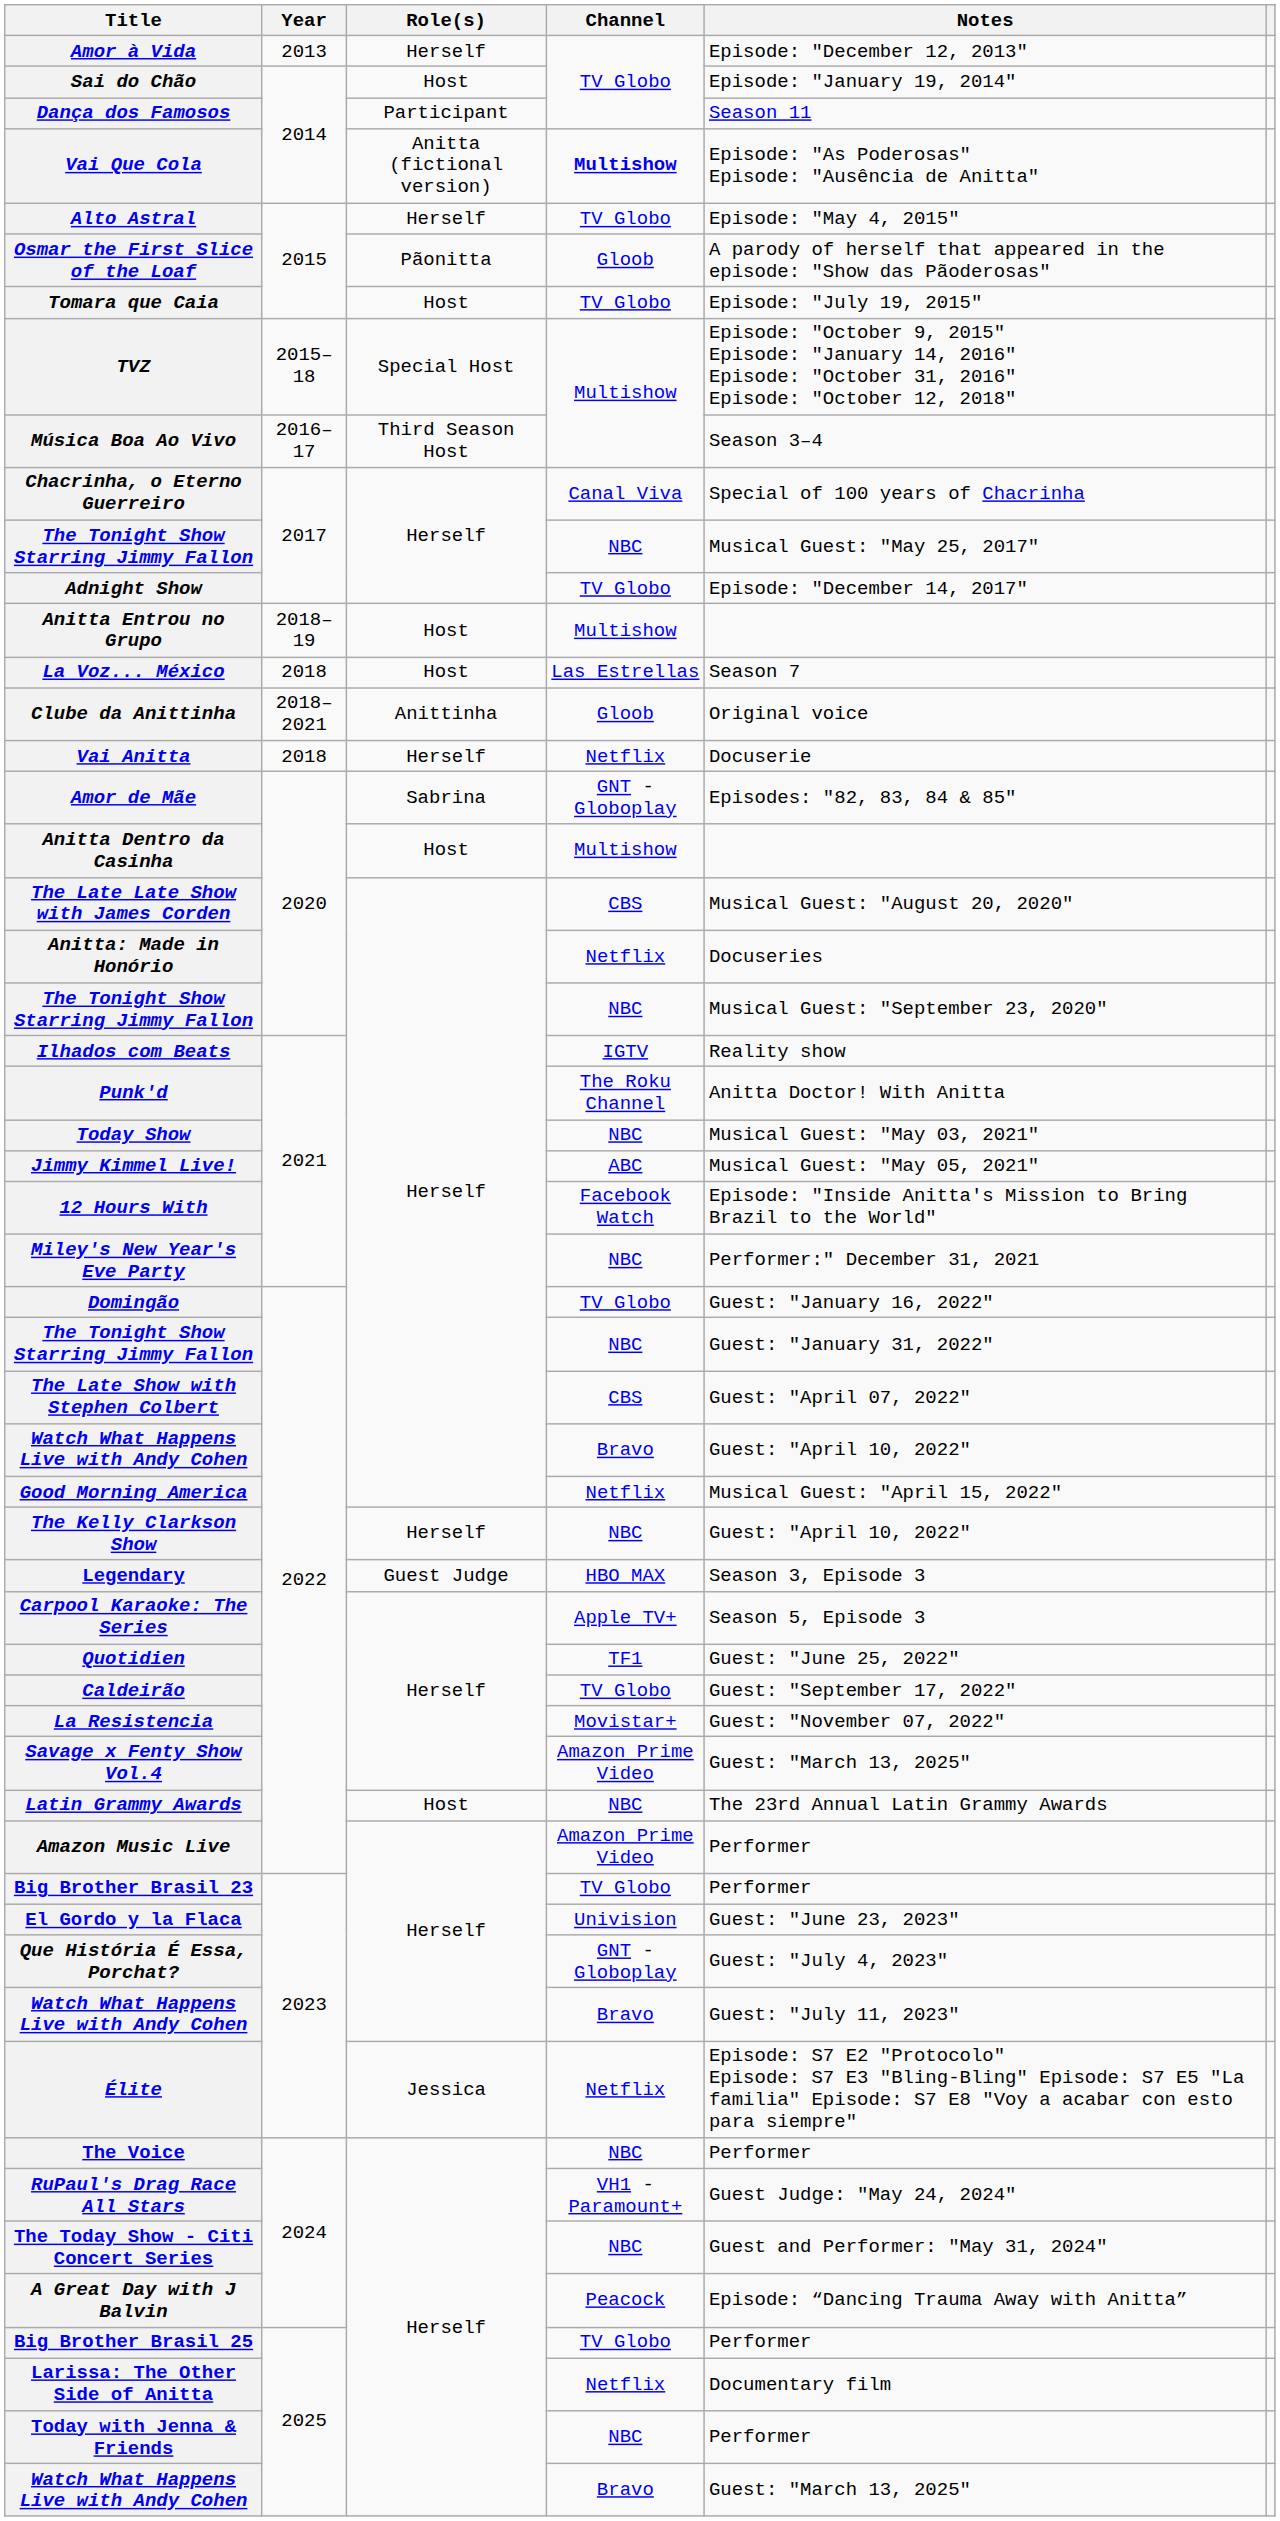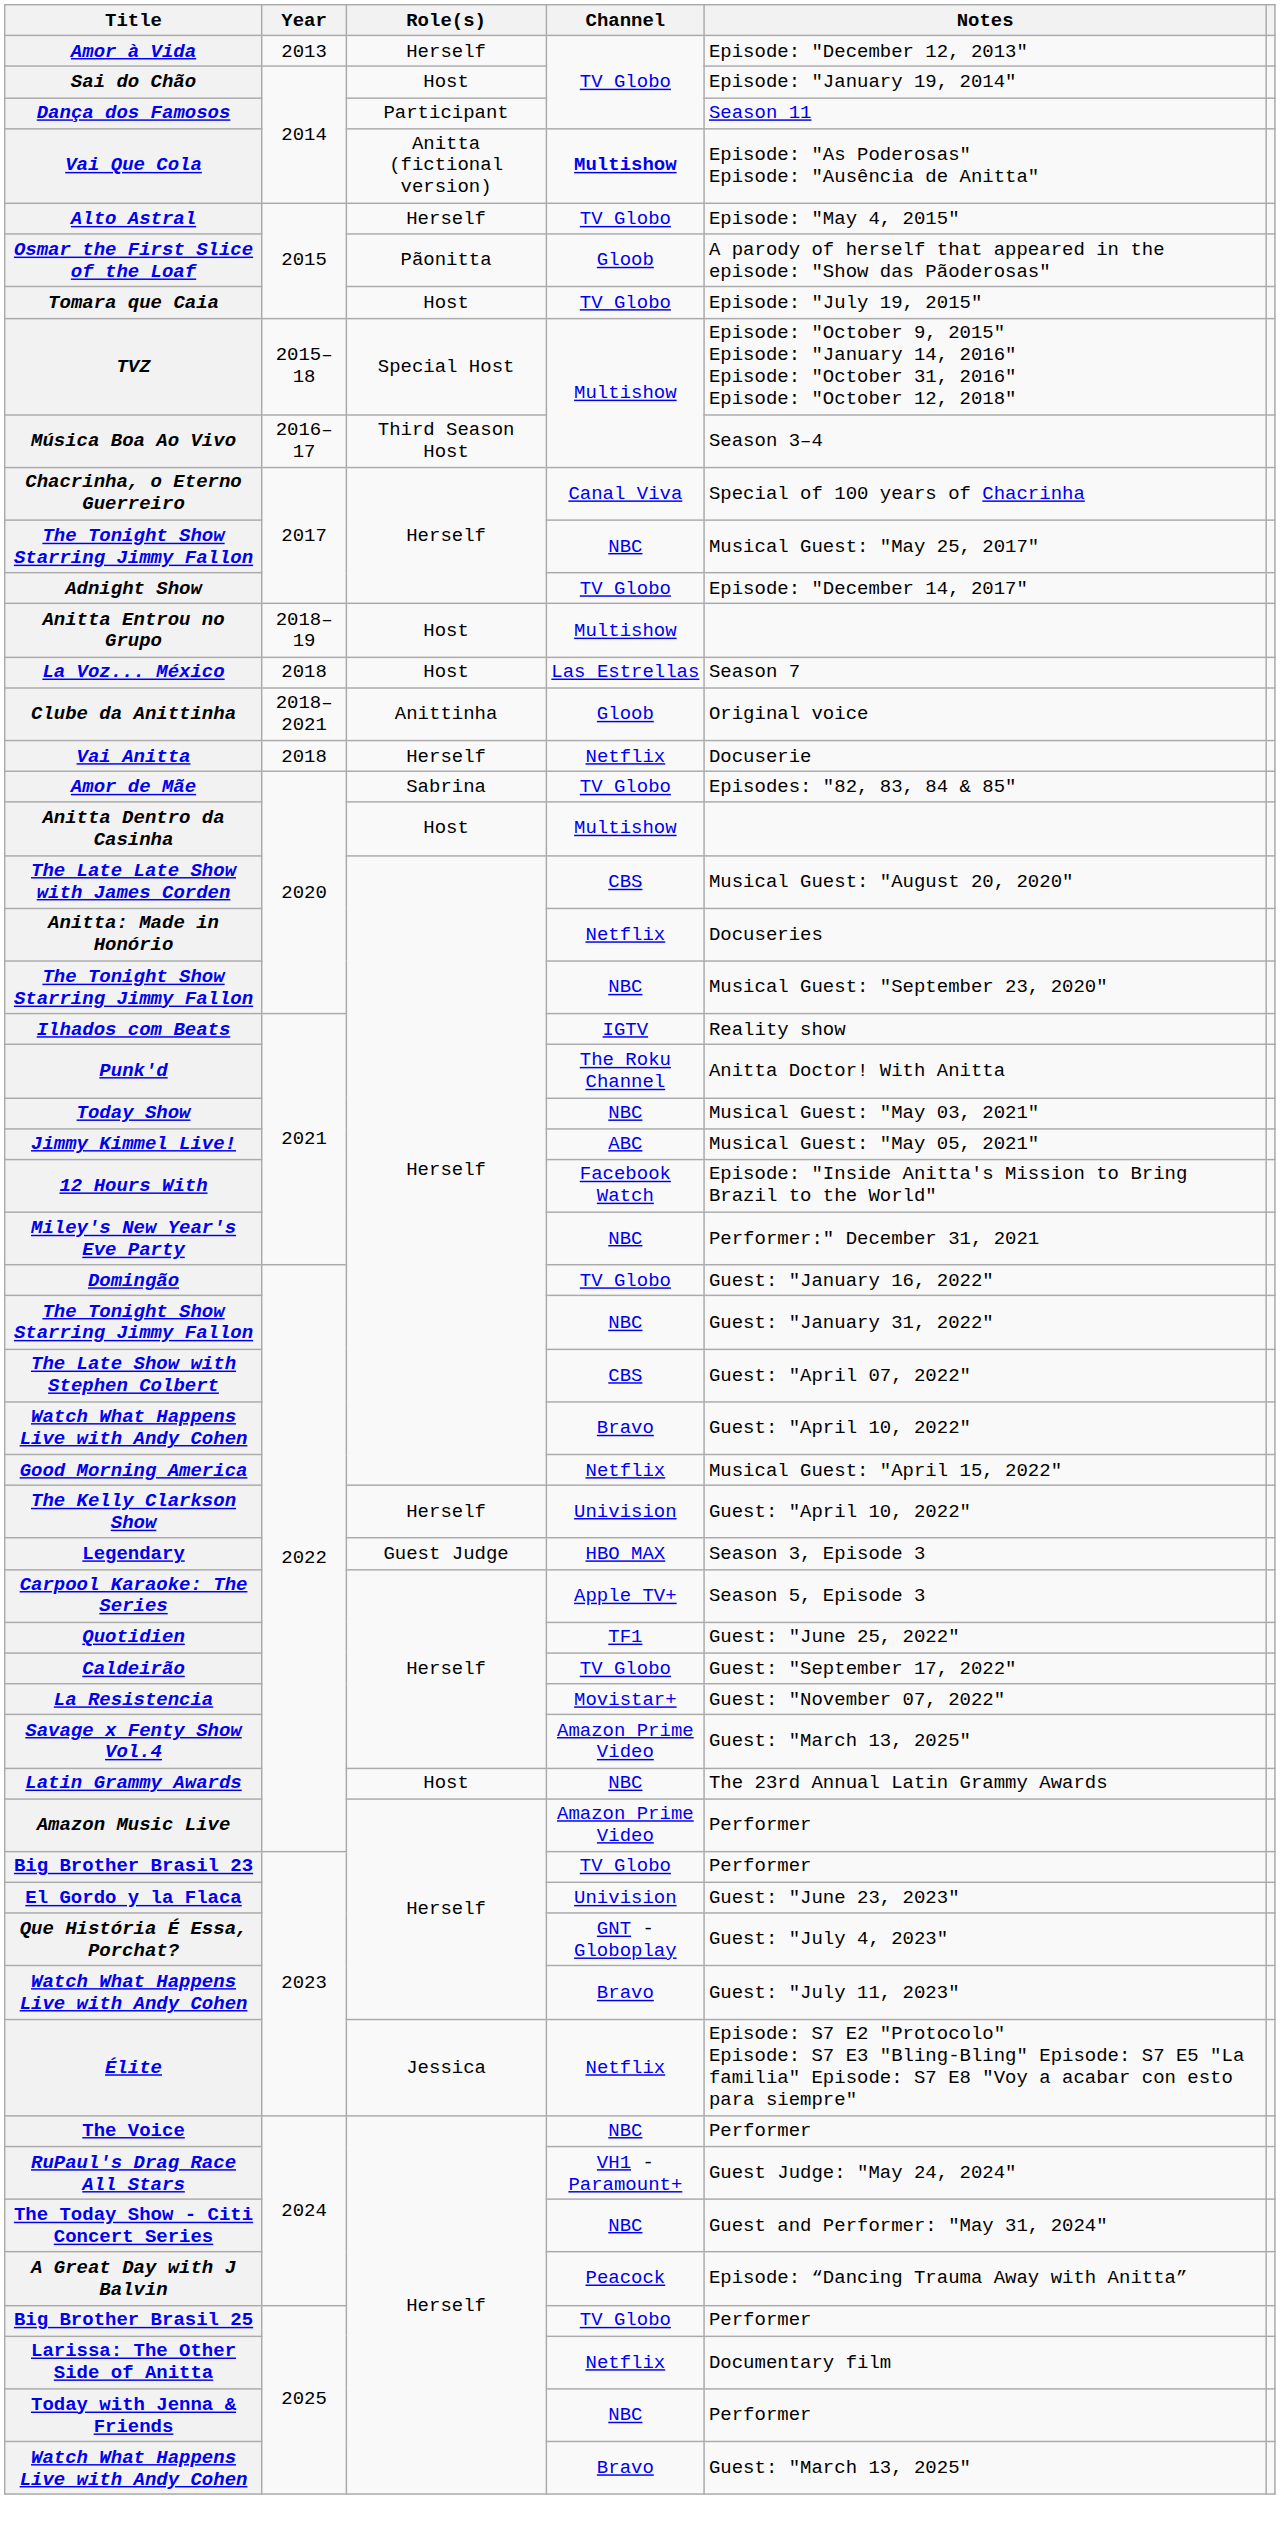 <table class="wikitable plainrowheaders" style="text-align: center;">
 <tr>
 <th scope="col" style="width">Title</th>
 <th scope="col" style="width">Year</th>
 <th scope="col" style="width">Role(s)</th>
 <th scope="col" style="width">Channel</th>
 <th scope="col" class="unsortable" style="width">Notes</th>
 <th scope="col" class="unsortable" style="width"></th>
 </tr>
 <tr>
 <th scope=row><em><a href='#'>Amor à Vida</a></em></th>
 <td>2013</td>
 <td>Herself</td>
 <td rowspan="3"><a href='#'>TV Globo</a></td>
 <td style="text-align:left;">Episode: "December 12, 2013"</td>
 <td></td>
 </tr>
 <tr>
 <th scope=row><em>Sai do Chão</em></th>
 <td rowspan="3">2014</td>
 <td>Host</td>
 <td style="text-align:left;">Episode: "January 19, 2014"</td>
 <td></td>
 </tr>
 <tr>
 <th scope=row><em><a href='#'>Dança dos Famosos</a></em></th>
 <td>Participant</td>
 <td style="text-align:left;"><a href='#'>Season 11</a></td>
 <td></td>
 </tr>
 <tr>
 <th scope=row><em><a href='#'>Vai Que Cola</a></em></th>
 <td>Anitta (fictional version)</td>
 <td><strong><a href='#'>Multishow</a></strong></td>
 <td style="text-align:left;">Episode: "As Poderosas"<br>Episode: "Ausência de Anitta"</td>
 <td></td>
 </tr>
 <tr>
 <th scope=row><em><a href='#'>Alto Astral</a></em></th>
 <td rowspan="3">2015</td>
 <td>Herself</td>
 <td><a href='#'>TV Globo</a></td>
 <td style="text-align:left;">Episode: "May 4, 2015"</td>
 <td></td>
 </tr>
 <tr>
 <th scope=row><em><a href='#'>Osmar the First Slice of the Loaf</a></em></th>
 <td>Pãonitta</td>
 <td><a href='#'>Gloob</a></td>
 <td style="text-align:left;">A parody of herself that appeared in the episode: "Show das Pãoderosas"</td>
 <td></td>
 </tr>
 <tr>
 <th scope=row><em>Tomara que Caia</em></th>
 <td>Host</td>
 <td><a href='#'>TV Globo</a></td>
 <td style="text-align:left;">Episode: "July 19, 2015"</td>
 <td></td>
 </tr>
 <tr>
 <th scope=row><em>TVZ</em></th>
 <td>2015–18</td>
 <td>Special Host</td>
 <td rowspan="2"><a href='#'>Multishow</a></td>
 <td style="text-align:left;">Episode: "October 9, 2015"<br>Episode: "January 14, 2016"<br>Episode: "October 31, 2016"<br>Episode: "October 12, 2018"</td>
 <td><br><br></td>
 </tr>
 <tr>
 <th scope=row><em>Música Boa Ao Vivo</em></th>
 <td>2016–17</td>
 <td>Third Season Host</td>
 <td style="text-align:left;">Season 3–4</td>
 <td></td>
 </tr>
 <tr>
 <th scope=row><em>Chacrinha, o Eterno Guerreiro</em></th>
 <td rowspan="3">2017</td>
 <td rowspan="3">Herself</td>
 <td><a href='#'>Canal Viva</a></td>
 <td style="text-align:left;">Special of 100 years of <a href='#'>Chacrinha</a></td>
 <td></td>
 </tr>
 <tr>
 <th scope=row><em><a href='#'>The Tonight Show Starring Jimmy Fallon</a></em></th>
 <td><a href='#'>NBC</a></td>
 <td style="text-align:left;">Musical Guest: "May 25, 2017"</td>
 <td></td>
 </tr>
 <tr>
 <th scope=row><em>Adnight Show</em></th>
 <td><a href='#'>TV Globo</a></td>
 <td style="text-align:left;">Episode: "December 14, 2017"</td>
 <td></td>
 </tr>
 <tr>
 <th scope=row><em>Anitta Entrou no Grupo</em></th>
 <td>2018–19</td>
 <td>Host</td>
 <td><a href='#'>Multishow</a></td>
 <td style="text-align:left;"></td>
 <td></td>
 </tr>
 <tr>
 <th scope=row><em><a href='#'>La Voz... México</a></em></th>
 <td>2018</td>
 <td>Host</td>
 <td><a href='#'>Las Estrellas</a></td>
 <td style="text-align:left;">Season 7</td>
 <td></td>
 </tr>
 <tr>
 <th scope=row><em>Clube da Anittinha</em></th>
 <td>2018–2021</td>
 <td>Anittinha</td>
 <td><a href='#'>Gloob</a></td>
 <td style="text-align:left;">Original voice</td>
 <td></td>
 </tr>
 <tr>
 <th scope=row><em><a href='#'>Vai Anitta</a></em></th>
 <td>2018</td>
 <td>Herself</td>
 <td><a href='#'>Netflix</a></td>
 <td style="text-align:left;">Docuserie</td>
 <td></td>
 </tr>
 <tr>
 <th scope=row><em><a href='#'>Amor de Mãe</a></em></th>
 <td rowspan="5">2020</td>
 <td>Sabrina</td>
-<td><a href='#'>GNT</a> - <a href='#'>Globoplay</a></td>
+<td><a href='#'>TV Globo</a></td>
 <td style="text-align:left;">Episodes: "82, 83, 84 & 85"</td>
 <td></td>
 </tr>
 <tr>
 <th scope=row><em>Anitta Dentro da Casinha</em></th>
 <td>Host</td>
 <td><a href='#'>Multishow</a></td>
 <td></td>
 <td></td>
 </tr>
 <tr>
 <th scope=row><em><a href='#'>The Late Late Show with James Corden</a></em></th>
 <td rowspan="14">Herself</td>
 <td><a href='#'>CBS</a></td>
 <td style="text-align:left;">Musical Guest: "August 20, 2020"</td>
 <td></td>
 </tr>
 <tr>
 <th scope="row"><em>Anitta: Made in Honório</em></th>
 <td><a href='#'>Netflix</a></td>
 <td style="text-align:left;">Docuseries</td>
 <td></td>
 </tr>
 <tr>
 <th scope=row><em><a href='#'>The Tonight Show Starring Jimmy Fallon</a></em></th>
 <td><a href='#'>NBC</a></td>
 <td style="text-align:left;">Musical Guest: "September 23, 2020"</td>
 <td></td>
 </tr>
 <tr>
 <th scope="row"><em><a href='#'>Ilhados com Beats</a></em></th>
 <td rowspan="6">2021</td>
 <td><a href='#'>IGTV</a></td>
 <td style="text-align:left;">Reality show</td>
 <td></td>
 </tr>
 <tr>
 <th scope=row><em><a href='#'>Punk'd</a></em></th>
 <td><a href='#'>The Roku Channel</a></td>
 <td style="text-align:left;">Anitta Doctor! With Anitta</td>
 <td></td>
 </tr>
 <tr>
 <th scope=row><em><a href='#'>Today Show</a></em></th>
 <td><a href='#'>NBC</a></td>
 <td style="text-align:left;">Musical Guest: "May 03, 2021"</td>
 <td></td>
 </tr>
 <tr>
 <th scope=row><em><a href='#'>Jimmy Kimmel Live!</a></em></th>
 <td><a href='#'>ABC</a></td>
 <td style="text-align:left;">Musical Guest: "May 05, 2021"</td>
 <td></td>
 </tr>
 <tr>
 <th scope=row><em><a href='#'>12 Hours With</a></em></th>
 <td><a href='#'>Facebook Watch</a></td>
 <td style="text-align:left;">Episode: "Inside Anitta's Mission to Bring Brazil to the World"</td>
 <td></td>
 </tr>
 <tr>
 <th scope=row><em><a href='#'>Miley's New Year's Eve Party</a></em></th>
 <td><a href='#'>NBC</a></td>
 <td style="text-align:left;">Performer:" December 31, 2021</td>
 <td></td>
 </tr>
 <tr>
 <th scope=row><em><a href='#'>Domingão</a></em></th>
 <td rowspan="14">2022</td>
 <td><a href='#'>TV Globo</a></td>
 <td style="text-align:left;">Guest: "January 16, 2022"</td>
 <td></td>
 </tr>
 <tr>
 <th scope=row><em><a href='#'>The Tonight Show Starring Jimmy Fallon</a></em></th>
 <td><a href='#'>NBC</a></td>
 <td style="text-align:left;">Guest: "January 31, 2022"</td>
 <td></td>
 </tr>
 <tr>
 <th scope=row><em><a href='#'>The Late Show with Stephen Colbert</a></em></th>
 <td><a href='#'>CBS</a></td>
 <td style="text-align:left;">Guest: "April 07, 2022"</td>
 <td></td>
 </tr>
 <tr>
 <th scope=row><em><a href='#'>Watch What Happens Live with Andy Cohen</a></em></th>
 <td><a href='#'>Bravo</a></td>
 <td style="text-align:left;">Guest: "April 10, 2022"</td>
 <td></td>
 </tr>
 <tr>
 <th scope=row><em><a href='#'>Good Morning America</a></em></th>
 <td><a href='#'>Netflix</a></td>
 <td style="text-align:left;">Musical Guest: "April 15, 2022"</td>
 <td></td>
 </tr>
 <tr>
 <th scope=row><em><a href='#'>The Kelly Clarkson Show</a></em></th>
 <td>Herself</td>
-<td><a href='#'>NBC</a></td>
+<td><a href='#'>Univision</a></td>
 <td style="text-align:left;">Guest: "April 10, 2022"</td>
 <td></td>
 </tr>
 <tr>
 <th scope=row><a href='#'>Legendary</a></th>
 <td>Guest Judge</td>
 <td><a href='#'>HBO MAX</a></td>
 <td style="text-align:left;">Season 3, Episode 3</td>
 <td></td>
 </tr>
 <tr>
 <th scope=row><em><a href='#'>Carpool Karaoke: The Series</a></em></th>
 <td rowspan="5">Herself</td>
 <td><a href='#'>Apple TV+</a></td>
 <td style="text-align:left;">Season 5, Episode 3</td>
 <td></td>
 </tr>
 <tr>
 <th scope=row><em><a href='#'>Quotidien</a></em></th>
 <td><a href='#'>TF1</a></td>
 <td style="text-align:left;">Guest: "June 25, 2022"</td>
 <td></td>
 </tr>
 <tr>
 <th scope=row><em><a href='#'>Caldeirão</a></em></th>
 <td><a href='#'>TV Globo</a></td>
 <td style="text-align:left;">Guest: "September 17, 2022"</td>
 <td></td>
 </tr>
 <tr>
 <th scope=row><em><a href='#'>La Resistencia</a></em></th>
 <td><a href='#'>Movistar+</a></td>
 <td style="text-align:left;">Guest: "November 07, 2022"</td>
 <td></td>
 </tr>
 <tr>
 <th scope=row><em><a href='#'>Savage x Fenty Show Vol.4</a></em></th>
 <td><a href='#'>Amazon Prime Video</a></td>
 <td style="text-align:left;">Guest: "March 13, 2025"</td>
 <td></td>
 </tr>
 <tr>
 <th scope=row><em><a href='#'>Latin Grammy Awards</a></em></th>
 <td>Host</td>
 <td><a href='#'>NBC</a></td>
 <td style="text-align:left;">The 23rd Annual Latin Grammy Awards</td>
 <td></td>
 </tr>
 <tr>
 <th scope=row><em>Amazon Music Live</em></th>
 <td rowspan="5">Herself</td>
 <td><a href='#'>Amazon Prime Video</a></td>
 <td style="text-align:left;">Performer</td>
 <td></td>
 </tr>
 <tr>
 <th scope=row><a href='#'>Big Brother Brasil 23</a></th>
 <td rowspan="5">2023</td>
 <td><a href='#'>TV Globo</a></td>
 <td style="text-align:left;">Performer</td>
 <td></td>
 </tr>
 <tr>
 <th scope=row><a href='#'>El Gordo y la Flaca</a></th>
 <td><a href='#'>Univision</a></td>
 <td style="text-align:left;">Guest: "June 23, 2023"</td>
 <td></td>
 </tr>
 <tr>
 <th scope=row><em>Que História É Essa, Porchat?</em></th>
 <td><a href='#'>GNT</a> - <a href='#'>Globoplay</a></td>
 <td style="text-align:left;">Guest: "July 4, 2023"</td>
 <td></td>
 </tr>
 <tr>
 <th scope=row><em><a href='#'>Watch What Happens Live with Andy Cohen</a></em></th>
 <td><a href='#'>Bravo</a></td>
 <td style="text-align:left;">Guest: "July 11, 2023"</td>
 <td></td>
 </tr>
 <tr>
 <th scope="row"><em><a href='#'>Élite</a></em></th>
 <td>Jessica</td>
 <td><a href='#'>Netflix</a></td>
 <td style="text-align:left;">Episode: S7 E2 "Protocolo"<br>Episode: S7 E3 "Bling-Bling" Episode: S7 E5 "La familia" Episode: S7 E8 "Voy a acabar con esto para siempre"</td>
 <td></td>
 </tr>
 <tr>
 <th scope="row"><a href='#'>The Voice</a></th>
 <td rowspan="4">2024</td>
 <td rowspan="8">Herself</td>
 <td><a href='#'>NBC</a></td>
 <td style="text-align:left;">Performer</td>
 <td></td>
 </tr>
 <tr>
 <th scope="row"><em><a href='#'>RuPaul's Drag Race All Stars</a></em></th>
 <td><a href='#'>VH1</a> - <a href='#'>Paramount+</a></td>
 <td style="text-align:left;">Guest Judge: "May 24, 2024"</td>
 <td></td>
 </tr>
 <tr>
 <th scope="row"><a href='#'>The Today Show - Citi Concert Series</a></th>
 <td><a href='#'>NBC</a></td>
 <td style="text-align:left;">Guest and Performer: "May 31, 2024"</td>
 <td></td>
 </tr>
 <tr>
 <th scope=row><em>A Great Day with J Balvin</em></th>
 <td><a href='#'>Peacock</a></td>
 <td style="text-align:left;">Episode: “Dancing Trauma Away with Anitta”</td>
 <td></td>
 </tr>
 <tr>
 <th scope=row><a href='#'>Big Brother Brasil 25</a></th>
 <td rowspan="4">2025</td>
 <td><a href='#'>TV Globo</a></td>
 <td style="text-align:left;">Performer</td>
 <td></td>
 </tr>
 <tr>
 <th scope=row><a href='#'>Larissa: The Other Side of Anitta</a></th>
 <td><a href='#'>Netflix</a></td>
 <td style="text-align:left;">Documentary film</td>
 <td></td>
 </tr>
 <tr>
 <th scope=row><a href='#'>Today with Jenna & Friends</a></th>
 <td><a href='#'>NBC</a></td>
 <td style="text-align:left;">Performer</td>
 <td></td>
 </tr>
 <tr>
 <th scope=row><em><a href='#'>Watch What Happens Live with Andy Cohen</a></em></th>
 <td><a href='#'>Bravo</a></td>
 <td style="text-align:left;">Guest: "March 13, 2025"</td>
 <td></td>
 </tr>
 </table>
